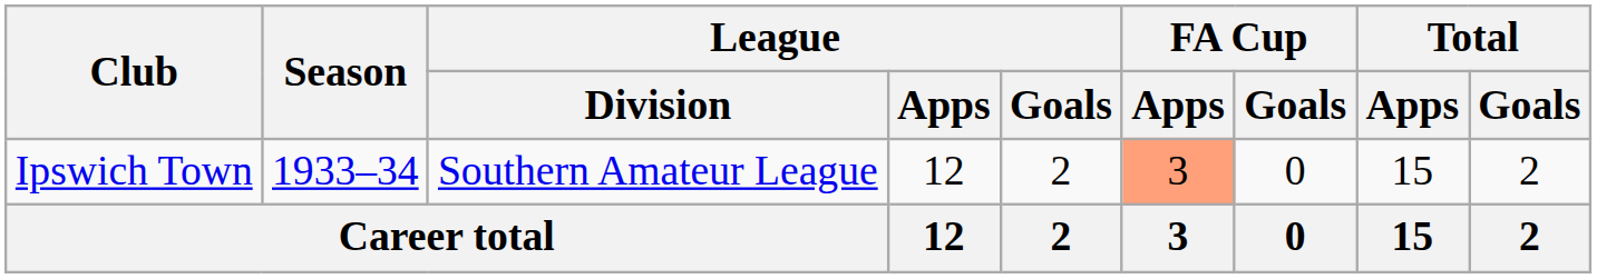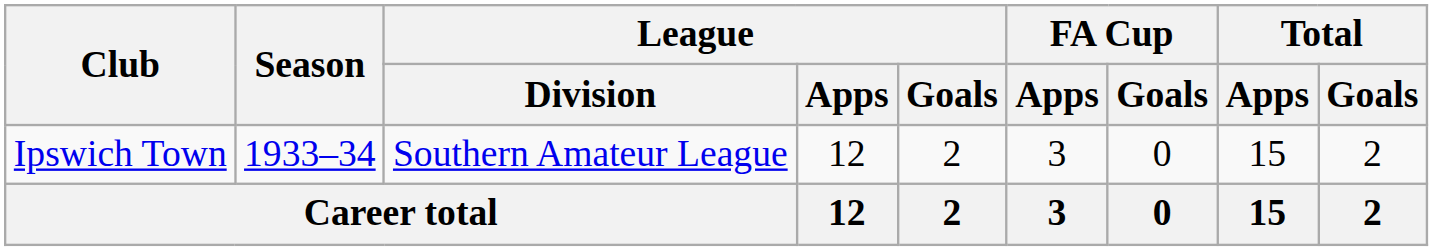 <table class="wikitable" style="text-align: center;">
 <tr>
 <th rowspan="2">Club</th>
 <th rowspan="2">Season</th>
 <th colspan="3">League</th>
 <th colspan="2">FA Cup</th>
 <th colspan="2">Total</th>
 </tr>
 <tr>
 <th>Division</th>
 <th>Apps</th>
 <th>Goals</th>
 <th>Apps</th>
 <th>Goals</th>
 <th>Apps</th>
 <th>Goals</th>
 </tr>
 <tr>
 <td><a href='#'>Ipswich Town</a></td>
 <td><a href='#'>1933–34</a></td>
 <td><a href='#'>Southern Amateur League</a></td>
 <td>12</td>
 <td>2</td>
-<td style="background: lightsalmon;">3</td>
+<td>3</td>
 <td>0</td>
 <td>15</td>
 <td>2</td>
 </tr>
 <tr>
 <th colspan="3">Career total</th>
 <th>12</th>
 <th>2</th>
 <th>3</th>
 <th>0</th>
 <th>15</th>
 <th>2</th>
 </tr>
 </table>
